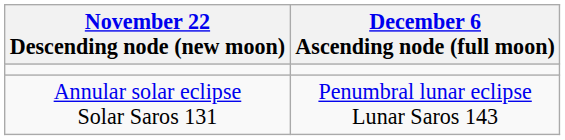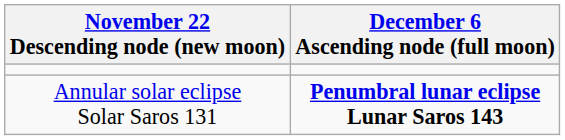 <table class="wikitable">
 <tr>
 <th><a href='#'>November 22</a><br>Descending node (new moon)<br></th>
 <th><a href='#'>December 6</a><br>Ascending node (full moon)<br></th>
 </tr>
 <tr>
 <td></td>
 <td></td>
 </tr>
 <tr align=center>
 <td><a href='#'>Annular solar eclipse</a><br>Solar Saros 131</td>
-<td><a href='#'>Penumbral lunar eclipse</a><br>Lunar Saros 143</td>
+<td><strong><a href='#'>Penumbral lunar eclipse</a><br>Lunar Saros 143</strong></td>
 </tr>
 </table>
